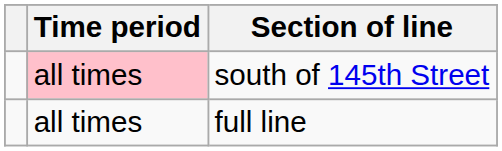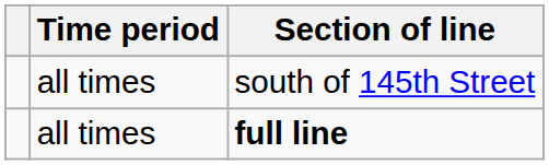 <table class="wikitable">
 <tr>
 <th> </th>
 <th>Time period</th>
 <th>Section of line</th>
 </tr>
 <tr>
 <td></td>
-<td style="background: pink;">all times</td>
+<td>all times</td>
 <td>south of <a href='#'>145th Street</a></td>
 </tr>
 <tr>
 <td></td>
 <td>all times</td>
-<td>full line</td>
+<td><strong>full line</strong></td>
 </tr>
 </table>
